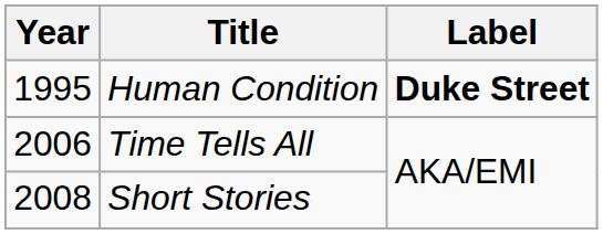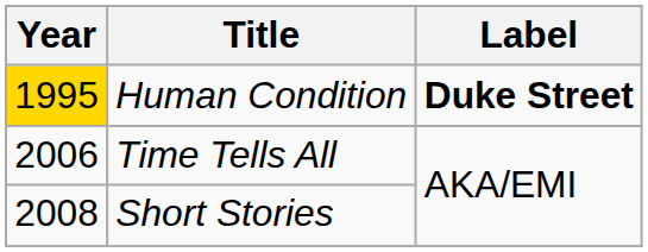 <table class="wikitable">
 <tr>
 <th>Year</th>
 <th>Title</th>
 <th>Label</th>
 </tr>
 <tr>
-<td>1995</td>
+<td style="background: gold;">1995</td>
 <td><em>Human Condition</em></td>
 <td><strong>Duke Street</strong></td>
 </tr>
 <tr>
 <td>2006</td>
 <td><em>Time Tells All</em></td>
 <td rowspan="2">AKA/EMI</td>
 </tr>
 <tr>
 <td>2008</td>
 <td><em>Short Stories</em></td>
 </tr>
 </table>
